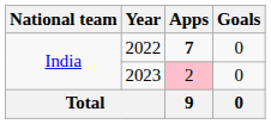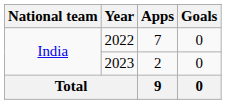 <table class="wikitable" style="text-align: center;">
 <tr>
 <th>National team</th>
 <th>Year</th>
 <th>Apps</th>
 <th>Goals</th>
 </tr>
 <tr>
 <td rowspan="2"><a href='#'>India</a></td>
 <td>2022</td>
-<td><strong>7</strong></td>
+<td>7</td>
 <td>0</td>
 </tr>
 <tr>
 <td>2023</td>
-<td style="background: pink;">2</td>
+<td>2</td>
 <td>0</td>
 </tr>
 <tr>
 <th colspan="2">Total</th>
 <th>9</th>
 <th>0</th>
 </tr>
 </table>
